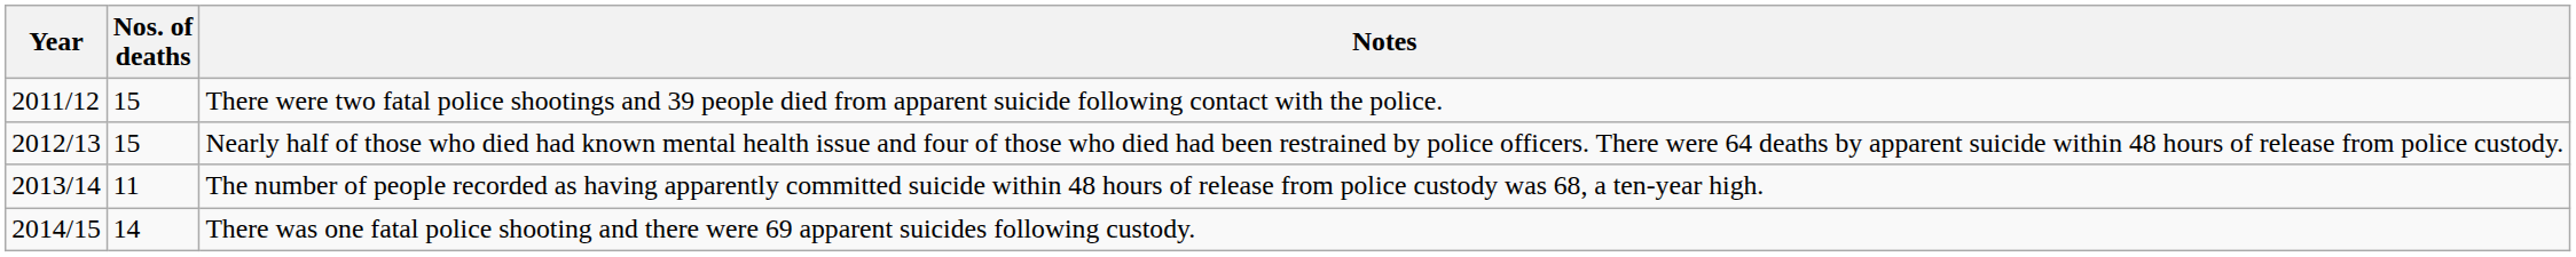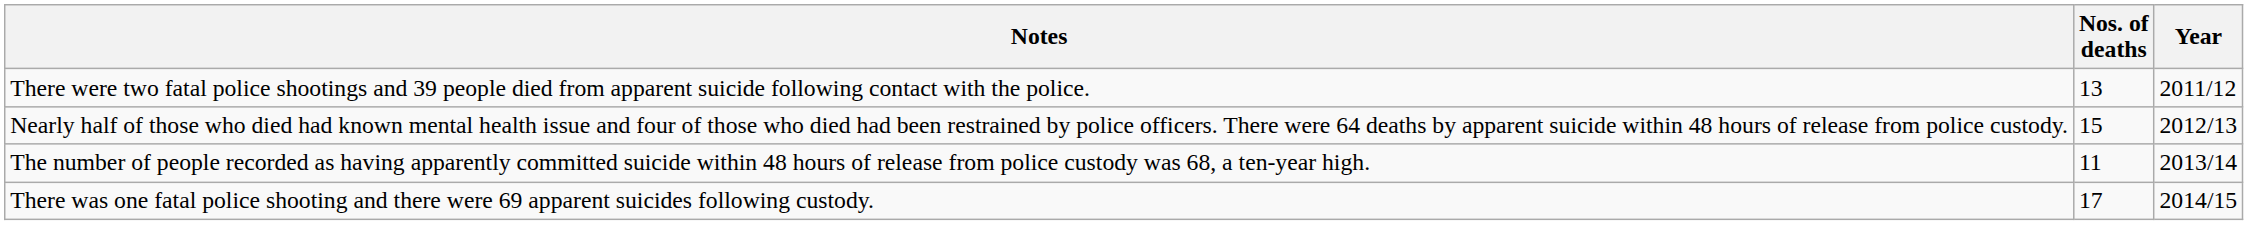 <table class=wikitable>
 <tr>
+<th>Notes</th>
+<th>Nos. of<br>deaths</th>
 <th>Year</th>
-<th>Nos. of<br>deaths</th>
-<th>Notes</th>
 </tr>
 <tr>
+<td>There were two fatal police shootings and 39 people died from apparent suicide following contact with the police.</td>
+<td>13</td>
 <td>2011/12</td>
-<td>15</td>
-<td>There were two fatal police shootings and 39 people died from apparent suicide following contact with the police.</td>
 </tr>
 <tr>
+<td>Nearly half of those who died had known mental health issue and four of those who died had been restrained by police officers. There were 64 deaths by apparent suicide within 48 hours of release from police custody.</td>
+<td>15</td>
 <td>2012/13</td>
-<td>15</td>
-<td>Nearly half of those who died had known mental health issue and four of those who died had been restrained by police officers. There were 64 deaths by apparent suicide within 48 hours of release from police custody.</td>
 </tr>
 <tr>
+<td>The number of people recorded as having apparently committed suicide within 48 hours of release from police custody was 68, a ten-year high.</td>
+<td>11</td>
 <td>2013/14</td>
-<td>11</td>
-<td>The number of people recorded as having apparently committed suicide within 48 hours of release from police custody was 68, a ten-year high.</td>
 </tr>
 <tr>
+<td>There was one fatal police shooting and there were 69 apparent suicides following custody.</td>
+<td>17</td>
 <td>2014/15</td>
-<td>14</td>
-<td>There was one fatal police shooting and there were 69 apparent suicides following custody.</td>
 </tr>
 </table>
